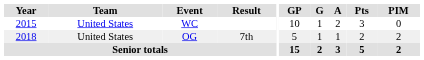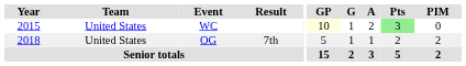 <table border="0" cellpadding="1" cellspacing="0" ID="Table3" style="text-align:center; width:40em">
 <tr ALIGN="center" bgcolor="#e0e0e0">
 <th>Year</th>
 <th>Team</th>
 <th>Event</th>
 <th>Result</th>
 <th rowspan="99" bgcolor="#ffffff"></th>
 <th>GP</th>
 <th>G</th>
 <th>A</th>
 <th>Pts</th>
 <th>PIM</th>
 </tr>
 <tr>
 <td><a href='#'>2015</a></td>
 <td><a href='#'>United States</a></td>
 <td><a href='#'>WC</a></td>
 <td></td>
-<td>10</td>
+<td style="background: lightyellow;">10</td>
 <td>1</td>
 <td>2</td>
-<td>3</td>
+<td style="background: lightgreen;">3</td>
 <td>0</td>
 </tr>
 <tr bgcolor="#f0f0f0">
 <td><a href='#'>2018</a></td>
 <td>United States</td>
 <td><a href='#'>OG</a></td>
 <td>7th</td>
 <td>5</td>
 <td>1</td>
 <td>1</td>
 <td>2</td>
 <td>2</td>
 </tr>
 <tr bgcolor="#e0e0e0">
 <th colspan="4">Senior totals</th>
 <th>15</th>
 <th>2</th>
 <th>3</th>
 <th>5</th>
 <th>2</th>
 </tr>
 </table>
